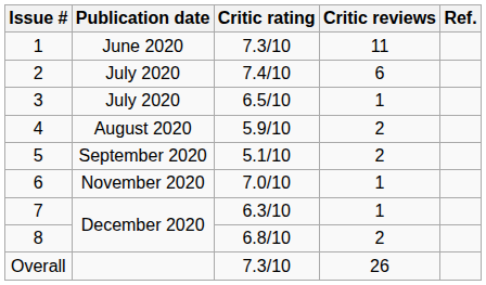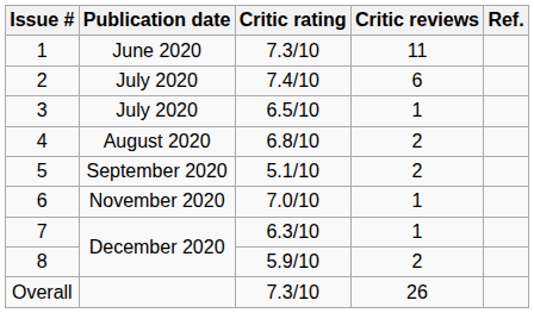 <table class="wikitable" style="text-align: center;">
 <tr>
 <th>Issue #</th>
 <th>Publication date</th>
 <th>Critic rating</th>
 <th>Critic reviews</th>
 <th>Ref.</th>
 </tr>
 <tr>
 <td>1</td>
 <td>June 2020</td>
 <td>7.3/10</td>
 <td>11</td>
 <td></td>
 </tr>
 <tr>
 <td>2</td>
 <td>July 2020</td>
 <td>7.4/10</td>
 <td>6</td>
 <td></td>
 </tr>
 <tr>
 <td>3</td>
 <td>July 2020</td>
 <td>6.5/10</td>
 <td>1</td>
 <td></td>
 </tr>
 <tr>
 <td>4</td>
 <td>August 2020</td>
-<td>5.9/10</td>
+<td>6.8/10</td>
 <td>2</td>
 <td></td>
 </tr>
 <tr>
 <td>5</td>
 <td>September 2020</td>
 <td>5.1/10</td>
 <td>2</td>
 <td></td>
 </tr>
 <tr>
 <td>6</td>
 <td>November 2020</td>
 <td>7.0/10</td>
 <td>1</td>
 <td></td>
 </tr>
 <tr>
 <td>7</td>
 <td rowspan="2">December 2020</td>
 <td>6.3/10</td>
 <td>1</td>
 <td></td>
 </tr>
 <tr>
 <td>8</td>
-<td>6.8/10</td>
+<td>5.9/10</td>
 <td>2</td>
 <td></td>
 </tr>
 <tr>
 <td>Overall</td>
 <td></td>
 <td>7.3/10</td>
 <td>26</td>
 <td></td>
 </tr>
 </table>
